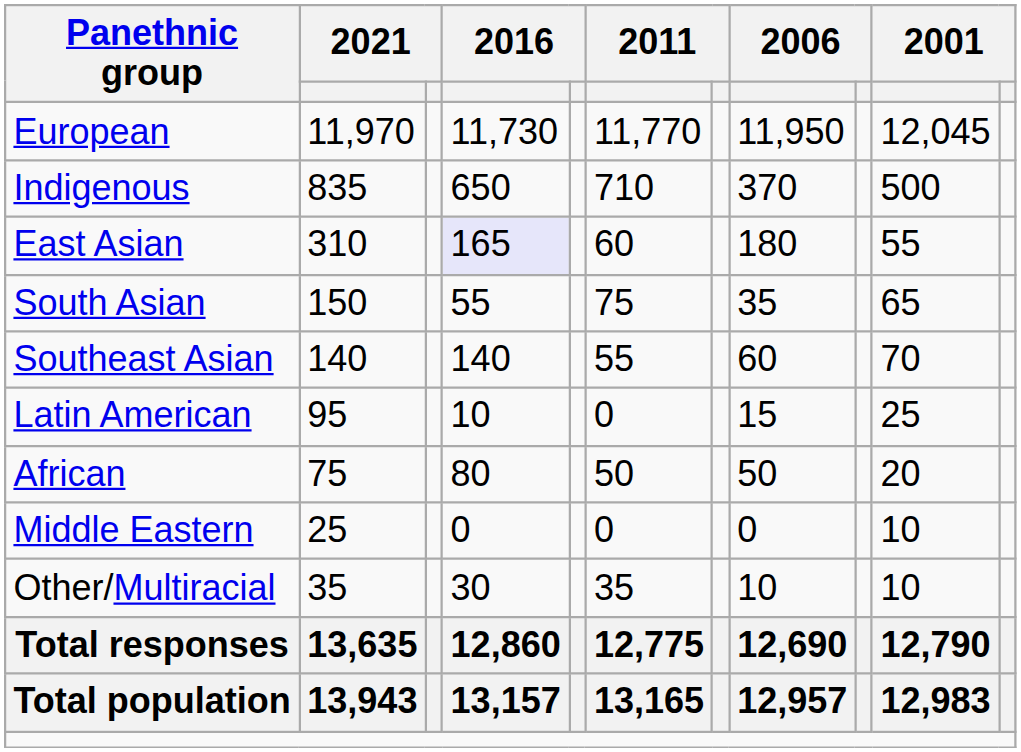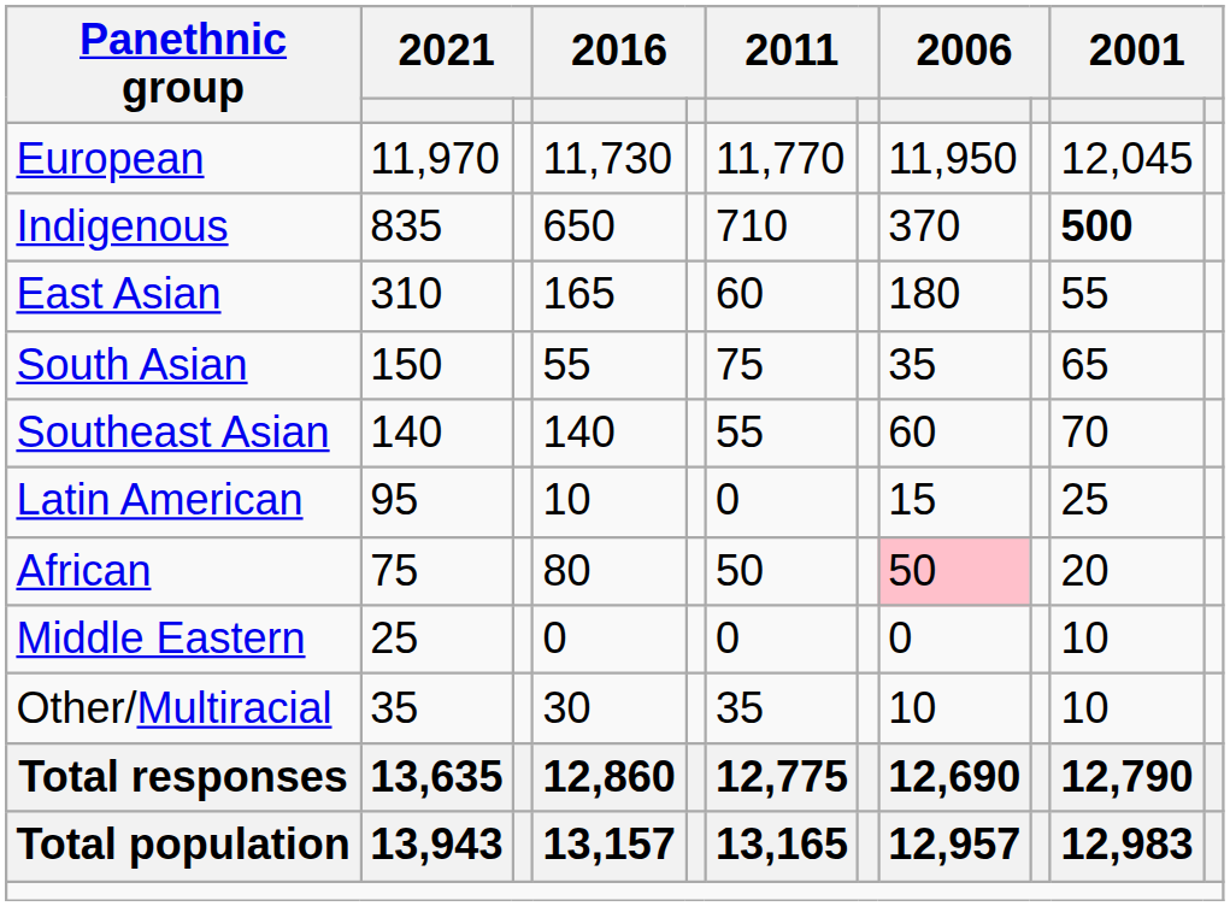 <table class="wikitable collapsible sortable">
 <tr>
 <th rowspan="2"><a href='#'>Panethnic</a><br>group</th>
 <th colspan="2">2021</th>
 <th colspan="2">2016</th>
 <th colspan="2">2011</th>
 <th colspan="2">2006</th>
 <th colspan="2">2001</th>
 </tr>
 <tr>
 <th><a href='#'></a></th>
 <th></th>
 <th></th>
 <th></th>
 <th></th>
 <th></th>
 <th></th>
 <th></th>
 <th></th>
 <th></th>
 </tr>
 <tr>
 <td><a href='#'>European</a></td>
 <td>11,970</td>
 <td></td>
 <td>11,730</td>
 <td></td>
 <td>11,770</td>
 <td></td>
 <td>11,950</td>
 <td></td>
 <td>12,045</td>
 <td></td>
 </tr>
 <tr>
 <td><a href='#'>Indigenous</a></td>
 <td>835</td>
 <td></td>
 <td>650</td>
 <td></td>
 <td>710</td>
 <td></td>
 <td>370</td>
 <td></td>
-<td>500</td>
+<td><strong>500</strong></td>
 <td></td>
 </tr>
 <tr>
 <td><a href='#'>East Asian</a></td>
 <td>310</td>
 <td></td>
-<td style="background: lavender;">165</td>
+<td>165</td>
 <td></td>
 <td>60</td>
 <td></td>
 <td>180</td>
 <td></td>
 <td>55</td>
 <td></td>
 </tr>
 <tr>
 <td><a href='#'>South Asian</a></td>
 <td>150</td>
 <td></td>
 <td>55</td>
 <td></td>
 <td>75</td>
 <td></td>
 <td>35</td>
 <td></td>
 <td>65</td>
 <td></td>
 </tr>
 <tr>
 <td><a href='#'>Southeast Asian</a></td>
 <td>140</td>
 <td></td>
 <td>140</td>
 <td></td>
 <td>55</td>
 <td></td>
 <td>60</td>
 <td></td>
 <td>70</td>
 <td></td>
 </tr>
 <tr>
 <td><a href='#'>Latin American</a></td>
 <td>95</td>
 <td></td>
 <td>10</td>
 <td></td>
 <td>0</td>
 <td></td>
 <td>15</td>
 <td></td>
 <td>25</td>
 <td></td>
 </tr>
 <tr>
 <td><a href='#'>African</a></td>
 <td>75</td>
 <td></td>
 <td>80</td>
 <td></td>
 <td>50</td>
 <td></td>
-<td>50</td>
+<td style="background: pink;">50</td>
 <td></td>
 <td>20</td>
 <td></td>
 </tr>
 <tr>
 <td><a href='#'>Middle Eastern</a></td>
 <td>25</td>
 <td></td>
 <td>0</td>
 <td></td>
 <td>0</td>
 <td></td>
 <td>0</td>
 <td></td>
 <td>10</td>
 <td></td>
 </tr>
 <tr>
 <td>Other/<a href='#'>Multiracial</a></td>
 <td>35</td>
 <td></td>
 <td>30</td>
 <td></td>
 <td>35</td>
 <td></td>
 <td>10</td>
 <td></td>
 <td>10</td>
 <td></td>
 </tr>
 <tr>
 <th>Total responses</th>
 <th>13,635</th>
 <th></th>
 <th>12,860</th>
 <th></th>
 <th>12,775</th>
 <th></th>
 <th>12,690</th>
 <th></th>
 <th>12,790</th>
 <th></th>
 </tr>
 <tr>
 <th>Total population</th>
 <th>13,943</th>
 <th></th>
 <th>13,157</th>
 <th></th>
 <th>13,165</th>
 <th></th>
 <th>12,957</th>
 <th></th>
 <th>12,983</th>
 <th></th>
 </tr>
 <tr class="sortbottom">
 <td colspan="15"></td>
 </tr>
 </table>
